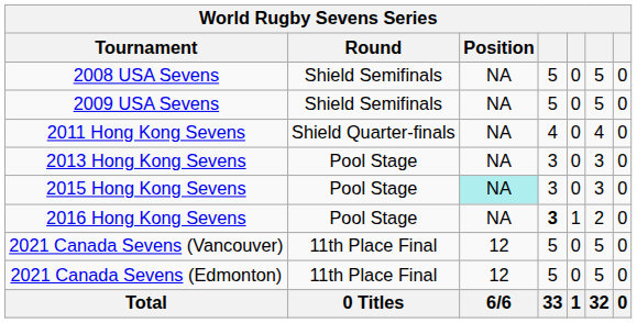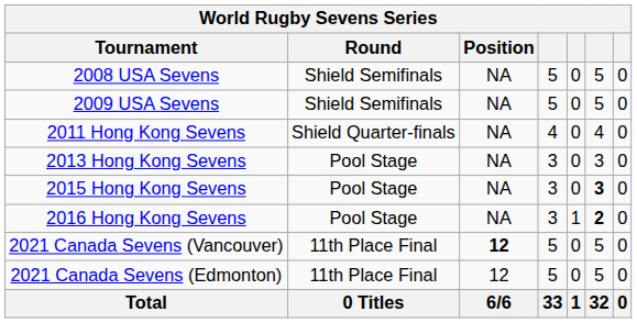 <table class="wikitable" style="text-align: center;">
 <tr>
 <th colspan=7>World Rugby Sevens Series</th>
 </tr>
 <tr>
 <th>Tournament</th>
 <th>Round</th>
 <th>Position</th>
 <th></th>
 <th></th>
 <th></th>
 <th></th>
 </tr>
 <tr>
 <td><a href='#'>2008 USA Sevens</a></td>
 <td>Shield Semifinals</td>
 <td>NA</td>
 <td>5</td>
 <td>0</td>
 <td>5</td>
 <td>0</td>
 </tr>
 <tr>
 <td><a href='#'>2009 USA Sevens</a></td>
 <td>Shield Semifinals</td>
 <td>NA</td>
 <td>5</td>
 <td>0</td>
 <td>5</td>
 <td>0</td>
 </tr>
 <tr>
 <td><a href='#'>2011 Hong Kong Sevens</a></td>
 <td>Shield Quarter-finals</td>
 <td>NA</td>
 <td>4</td>
 <td>0</td>
 <td>4</td>
 <td>0</td>
 </tr>
 <tr>
 <td><a href='#'>2013 Hong Kong Sevens</a></td>
 <td>Pool Stage</td>
 <td>NA</td>
 <td>3</td>
 <td>0</td>
 <td>3</td>
 <td>0</td>
 </tr>
 <tr>
 <td><a href='#'>2015 Hong Kong Sevens</a></td>
 <td>Pool Stage</td>
-<td style="background: paleturquoise;">NA</td>
+<td>NA</td>
 <td>3</td>
 <td>0</td>
-<td>3</td>
+<td><strong>3</strong></td>
 <td>0</td>
 </tr>
 <tr>
 <td><a href='#'>2016 Hong Kong Sevens</a></td>
 <td>Pool Stage</td>
 <td>NA</td>
-<td><strong>3</strong></td>
+<td>3</td>
 <td>1</td>
-<td>2</td>
+<td><strong>2</strong></td>
 <td>0</td>
 </tr>
 <tr>
 <td><a href='#'>2021 Canada Sevens</a> (Vancouver)</td>
 <td>11th Place Final</td>
-<td>12</td>
+<td><strong>12</strong></td>
 <td>5</td>
 <td>0</td>
 <td>5</td>
 <td>0</td>
 </tr>
 <tr>
 <td><a href='#'>2021 Canada Sevens</a> (Edmonton)</td>
 <td>11th Place Final</td>
 <td>12</td>
 <td>5</td>
 <td>0</td>
 <td>5</td>
 <td>0</td>
 </tr>
 <tr>
 <th>Total</th>
 <th>0 Titles</th>
 <th>6/6</th>
 <th>33</th>
 <th>1</th>
 <th>32</th>
 <th>0</th>
 </tr>
 </table>
